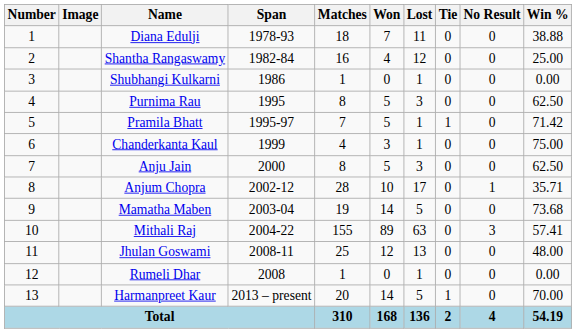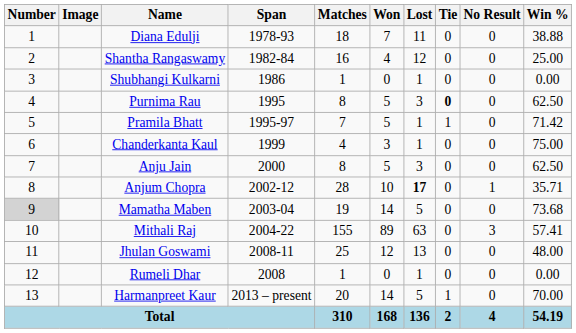 <table class="sortable wikitable"style="text-align:center;"style="font-size: 90%">
 <tr>
 <th>Number</th>
 <th>Image</th>
 <th>Name</th>
 <th>Span</th>
 <th>Matches</th>
 <th>Won</th>
 <th>Lost</th>
 <th>Tie</th>
 <th>No Result</th>
 <th>Win %</th>
 </tr>
 <tr>
 <td>1</td>
 <td></td>
 <td><a href='#'>Diana Edulji</a></td>
 <td>1978-93</td>
 <td>18</td>
 <td>7</td>
 <td>11</td>
 <td>0</td>
 <td>0</td>
 <td>38.88</td>
 </tr>
 <tr>
 <td>2</td>
 <td></td>
 <td><a href='#'>Shantha Rangaswamy</a></td>
 <td>1982-84</td>
 <td>16</td>
 <td>4</td>
 <td>12</td>
 <td>0</td>
 <td>0</td>
 <td>25.00</td>
 </tr>
 <tr>
 <td>3</td>
 <td></td>
 <td><a href='#'>Shubhangi Kulkarni</a></td>
 <td>1986</td>
 <td>1</td>
 <td>0</td>
 <td>1</td>
 <td>0</td>
 <td>0</td>
 <td>0.00</td>
 </tr>
 <tr>
 <td>4</td>
 <td></td>
 <td><a href='#'>Purnima Rau</a></td>
 <td>1995</td>
 <td>8</td>
 <td>5</td>
 <td>3</td>
-<td>0</td>
+<td><strong>0</strong></td>
 <td>0</td>
 <td>62.50</td>
 </tr>
 <tr>
 <td>5</td>
 <td></td>
 <td><a href='#'>Pramila Bhatt</a></td>
 <td>1995-97</td>
 <td>7</td>
 <td>5</td>
 <td>1</td>
 <td>1</td>
 <td>0</td>
 <td>71.42</td>
 </tr>
 <tr>
 <td>6</td>
 <td></td>
 <td><a href='#'>Chanderkanta Kaul</a></td>
 <td>1999</td>
 <td>4</td>
 <td>3</td>
 <td>1</td>
 <td>0</td>
 <td>0</td>
 <td>75.00</td>
 </tr>
 <tr>
 <td>7</td>
 <td></td>
 <td><a href='#'>Anju Jain</a></td>
 <td>2000</td>
 <td>8</td>
 <td>5</td>
 <td>3</td>
 <td>0</td>
 <td>0</td>
 <td>62.50</td>
 </tr>
 <tr>
 <td>8</td>
 <td></td>
 <td><a href='#'>Anjum Chopra</a></td>
 <td>2002-12</td>
 <td>28</td>
 <td>10</td>
-<td>17</td>
+<td><strong>17</strong></td>
 <td>0</td>
 <td>1</td>
 <td>35.71</td>
 </tr>
 <tr>
-<td>9</td>
+<td style="background: lightgrey;">9</td>
 <td></td>
 <td><a href='#'>Mamatha Maben</a></td>
 <td>2003-04</td>
 <td>19</td>
 <td>14</td>
 <td>5</td>
 <td>0</td>
 <td>0</td>
 <td>73.68</td>
 </tr>
 <tr>
 <td>10</td>
 <td></td>
 <td><a href='#'>Mithali Raj</a></td>
 <td>2004-22</td>
 <td>155</td>
 <td>89</td>
 <td>63</td>
 <td>0</td>
 <td>3</td>
 <td>57.41</td>
 </tr>
 <tr>
 <td>11</td>
 <td></td>
 <td><a href='#'>Jhulan Goswami</a></td>
 <td>2008-11</td>
 <td>25</td>
 <td>12</td>
 <td>13</td>
 <td>0</td>
 <td>0</td>
 <td>48.00</td>
 </tr>
 <tr>
 <td>12</td>
 <td></td>
 <td><a href='#'>Rumeli Dhar</a></td>
 <td>2008</td>
 <td>1</td>
 <td>0</td>
 <td>1</td>
 <td>0</td>
 <td>0</td>
 <td>0.00</td>
 </tr>
 <tr>
 <td>13</td>
 <td></td>
 <td><a href='#'>Harmanpreet Kaur</a></td>
 <td>2013 – present</td>
 <td>20</td>
 <td>14</td>
 <td>5</td>
 <td>1</td>
 <td>0</td>
 <td>70.00</td>
 </tr>
 <tr bgcolor="lightblue">
 <td colspan="4"><strong>Total</strong></td>
 <td><strong>310</strong></td>
 <td><strong>168</strong></td>
 <td><strong>136</strong></td>
 <td><strong>2</strong></td>
 <td><strong>4</strong></td>
 <td><strong>54.19</strong></td>
 </tr>
 </table>
